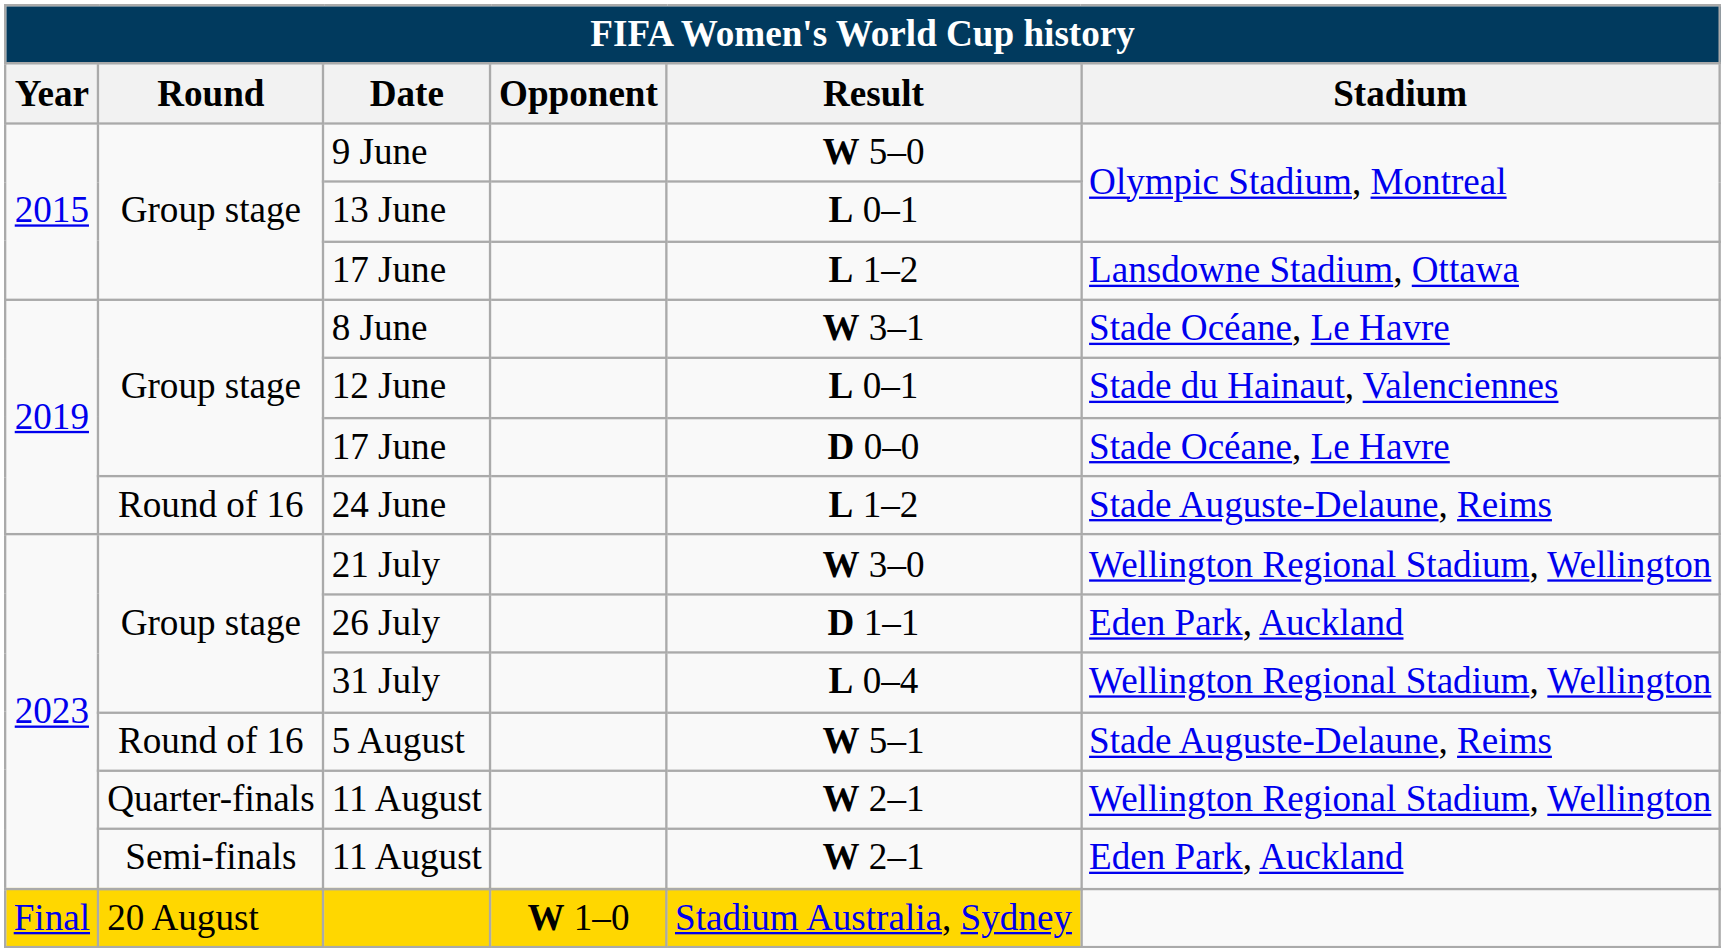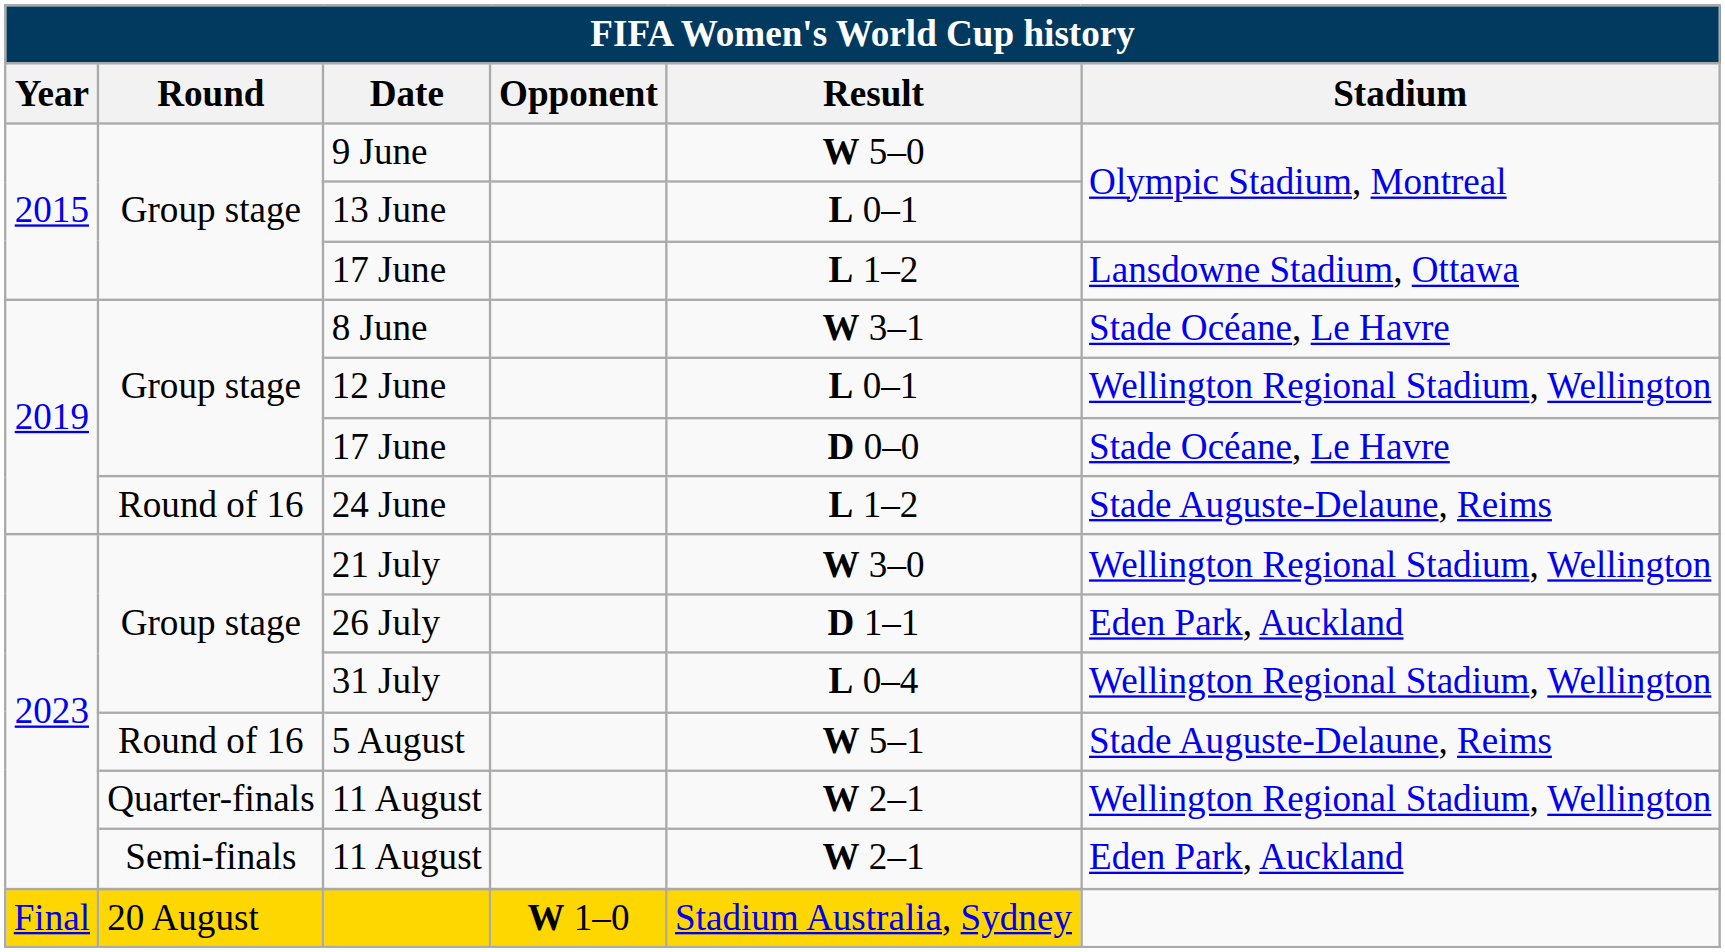 <table class="wikitable sortable" style="text-align: center;font-size:100%;">
 <tr>
 <th colspan=6 style="background: #013A5E; color: #FFFFFF;">FIFA Women's World Cup history</th>
 </tr>
 <tr>
 <th>Year</th>
 <th>Round</th>
 <th>Date</th>
 <th>Opponent</th>
 <th>Result</th>
 <th>Stadium</th>
 </tr>
 <tr>
 <td rowspan=3> <a href='#'>2015</a></td>
 <td rowspan=3>Group stage</td>
 <td align="left">9 June</td>
 <td align="left"></td>
 <td><strong>W</strong> 5–0</td>
 <td rowspan=2 align="left"><a href='#'>Olympic Stadium</a>, <a href='#'>Montreal</a></td>
 </tr>
 <tr>
 <td align="left">13 June</td>
 <td align="left"></td>
 <td><strong>L</strong> 0–1</td>
 </tr>
 <tr>
 <td align="left">17 June</td>
 <td align="left"></td>
 <td><strong>L</strong> 1–2</td>
 <td align="left"><a href='#'>Lansdowne Stadium</a>, <a href='#'>Ottawa</a></td>
 </tr>
 <tr>
 <td rowspan=4> <a href='#'>2019</a></td>
 <td rowspan=3>Group stage</td>
 <td align="left">8 June</td>
 <td align="left"></td>
 <td><strong>W</strong> 3–1</td>
 <td align="left"><a href='#'>Stade Océane</a>, <a href='#'>Le Havre</a></td>
 </tr>
 <tr>
 <td align="left">12 June</td>
 <td align="left"></td>
 <td><strong>L</strong> 0–1</td>
-<td align="left"><a href='#'>Stade du Hainaut</a>, <a href='#'>Valenciennes</a></td>
+<td align="left"><a href='#'>Wellington Regional Stadium</a>, <a href='#'>Wellington</a></td>
 </tr>
 <tr>
 <td align="left">17 June</td>
 <td align="left"></td>
 <td><strong>D</strong> 0–0</td>
 <td align="left"><a href='#'>Stade Océane</a>, <a href='#'>Le Havre</a></td>
 </tr>
 <tr>
 <td>Round of 16</td>
 <td align="left">24 June</td>
 <td align="left"></td>
 <td><strong>L</strong> 1–2</td>
 <td align="left"><a href='#'>Stade Auguste-Delaune</a>, <a href='#'>Reims</a></td>
 </tr>
 <tr>
 <td rowspan=7>  <a href='#'>2023</a></td>
 <td rowspan=3>Group stage</td>
 <td align="left">21 July</td>
 <td align="left"></td>
 <td><strong>W</strong> 3–0</td>
 <td align="left"><a href='#'>Wellington Regional Stadium</a>, <a href='#'>Wellington</a></td>
 </tr>
 <tr>
 <td align="left">26 July</td>
 <td align="left"></td>
 <td><strong>D</strong> 1–1</td>
 <td align="left"><a href='#'>Eden Park</a>, <a href='#'>Auckland</a></td>
 </tr>
 <tr>
 <td align="left">31 July</td>
 <td align="left"></td>
 <td><strong>L</strong> 0–4</td>
 <td align="left"><a href='#'>Wellington Regional Stadium</a>, <a href='#'>Wellington</a></td>
 </tr>
 <tr>
 <td>Round of 16</td>
 <td align="left">5 August</td>
 <td align="left"></td>
 <td><strong>W</strong> 5–1</td>
 <td align="left"><a href='#'>Stade Auguste-Delaune</a>, <a href='#'>Reims</a></td>
 </tr>
 <tr>
 <td>Quarter-finals</td>
 <td align="left">11 August</td>
 <td align="left"></td>
 <td><strong>W</strong> 2–1 </td>
 <td align="left"><a href='#'>Wellington Regional Stadium</a>, <a href='#'>Wellington</a></td>
 </tr>
 <tr>
 <td>Semi-finals</td>
 <td align="left">11 August</td>
 <td align="left"></td>
 <td><strong>W</strong> 2–1</td>
 <td align="left"><a href='#'>Eden Park</a>, <a href='#'>Auckland</a></td>
 </tr>
 <tr>
 </tr>
 <tr style="background:gold;">
 <td><a href='#'>Final</a></td>
 <td align="left">20 August</td>
 <td align="left"></td>
 <td><strong>W</strong> 1–0</td>
 <td align="left"><a href='#'>Stadium Australia</a>, <a href='#'>Sydney</a></td>
 </tr>
 </table>
